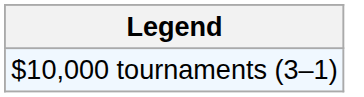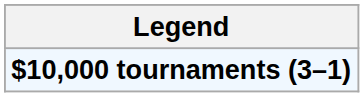 <table class="wikitable" style="font-size:90%">
 <tr>
 <th>Legend</th>
 </tr>
 <tr style="background:#f0f8ff;">
-<td>$10,000 tournaments (3–1)</td>
+<td><strong>$10,000 tournaments (3–1)</strong></td>
 </tr>
 </table>
